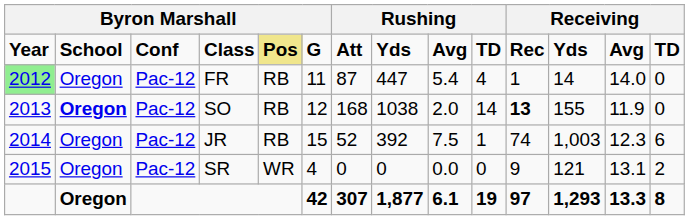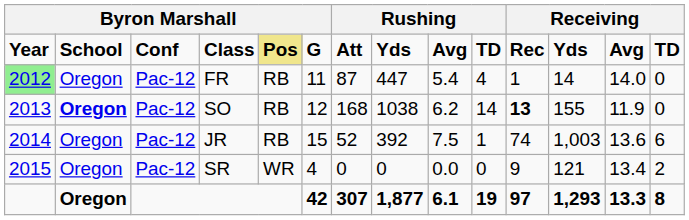 <table class="wikitable">
 <tr>
 <th colspan="6">Byron Marshall</th>
 <th colspan="4" style="text-align: center; font-weight:bold;">Rushing</th>
 <th colspan="4" style="text-align: center; font-weight:bold;">Receiving</th>
 </tr>
 <tr>
 <td style="font-weight:bold;">Year</td>
 <td style="font-weight:bold;">School</td>
 <td style="font-weight:bold;">Conf</td>
 <td style="font-weight:bold;">Class</td>
 <td style="background: khaki; font-weight:bold;">Pos</td>
 <td style="font-weight:bold;">G</td>
 <td style="font-weight:bold;">Att</td>
 <td style="font-weight:bold;">Yds</td>
 <td style="font-weight:bold;">Avg</td>
 <td style="font-weight:bold;">TD</td>
 <td style="font-weight:bold;">Rec</td>
 <td style="font-weight:bold;">Yds</td>
 <td style="font-weight:bold;">Avg</td>
 <td style="font-weight:bold;">TD</td>
 </tr>
 <tr>
 <td style="background: lightgreen;"><a href='#'>2012</a></td>
 <td><a href='#'>Oregon</a></td>
 <td><a href='#'>Pac-12</a></td>
 <td>FR</td>
 <td>RB</td>
 <td>11</td>
 <td>87</td>
 <td>447</td>
 <td>5.4</td>
 <td>4</td>
 <td>1</td>
 <td>14</td>
 <td>14.0</td>
 <td>0</td>
 </tr>
 <tr>
 <td><a href='#'>2013</a></td>
 <td><strong><a href='#'>Oregon</a></strong></td>
 <td><a href='#'>Pac-12</a></td>
 <td>SO</td>
 <td>RB</td>
 <td>12</td>
 <td>168</td>
 <td>1038</td>
-<td>2.0</td>
+<td>6.2</td>
 <td>14</td>
 <td><strong>13</strong></td>
 <td>155</td>
 <td>11.9</td>
 <td>0</td>
 </tr>
 <tr>
 <td><a href='#'>2014</a></td>
 <td><a href='#'>Oregon</a></td>
 <td><a href='#'>Pac-12</a></td>
 <td>JR</td>
 <td>RB</td>
 <td>15</td>
 <td>52</td>
 <td>392</td>
 <td>7.5</td>
 <td>1</td>
 <td>74</td>
 <td>1,003</td>
-<td>12.3</td>
+<td>13.6</td>
 <td>6</td>
 </tr>
 <tr>
 <td><a href='#'>2015</a></td>
 <td><a href='#'>Oregon</a></td>
 <td><a href='#'>Pac-12</a></td>
 <td>SR</td>
 <td>WR</td>
 <td>4</td>
 <td>0</td>
 <td>0</td>
 <td>0.0</td>
 <td>0</td>
 <td>9</td>
 <td>121</td>
-<td>13.1</td>
+<td>13.4</td>
 <td>2</td>
 </tr>
 <tr>
 <td style="font-weight:bold;"></td>
 <td style="font-weight:bold;">Oregon</td>
 <td colspan="3" style="font-weight:bold;"></td>
 <td style="font-weight:bold;">42</td>
 <td style="font-weight:bold;">307</td>
 <td style="font-weight:bold;">1,877</td>
 <td style="font-weight:bold;">6.1</td>
 <td style="font-weight:bold;">19</td>
 <td style="font-weight:bold;">97</td>
 <td style="font-weight:bold;">1,293</td>
 <td style="font-weight:bold;">13.3</td>
 <td style="font-weight:bold;">8</td>
 </tr>
 </table>
